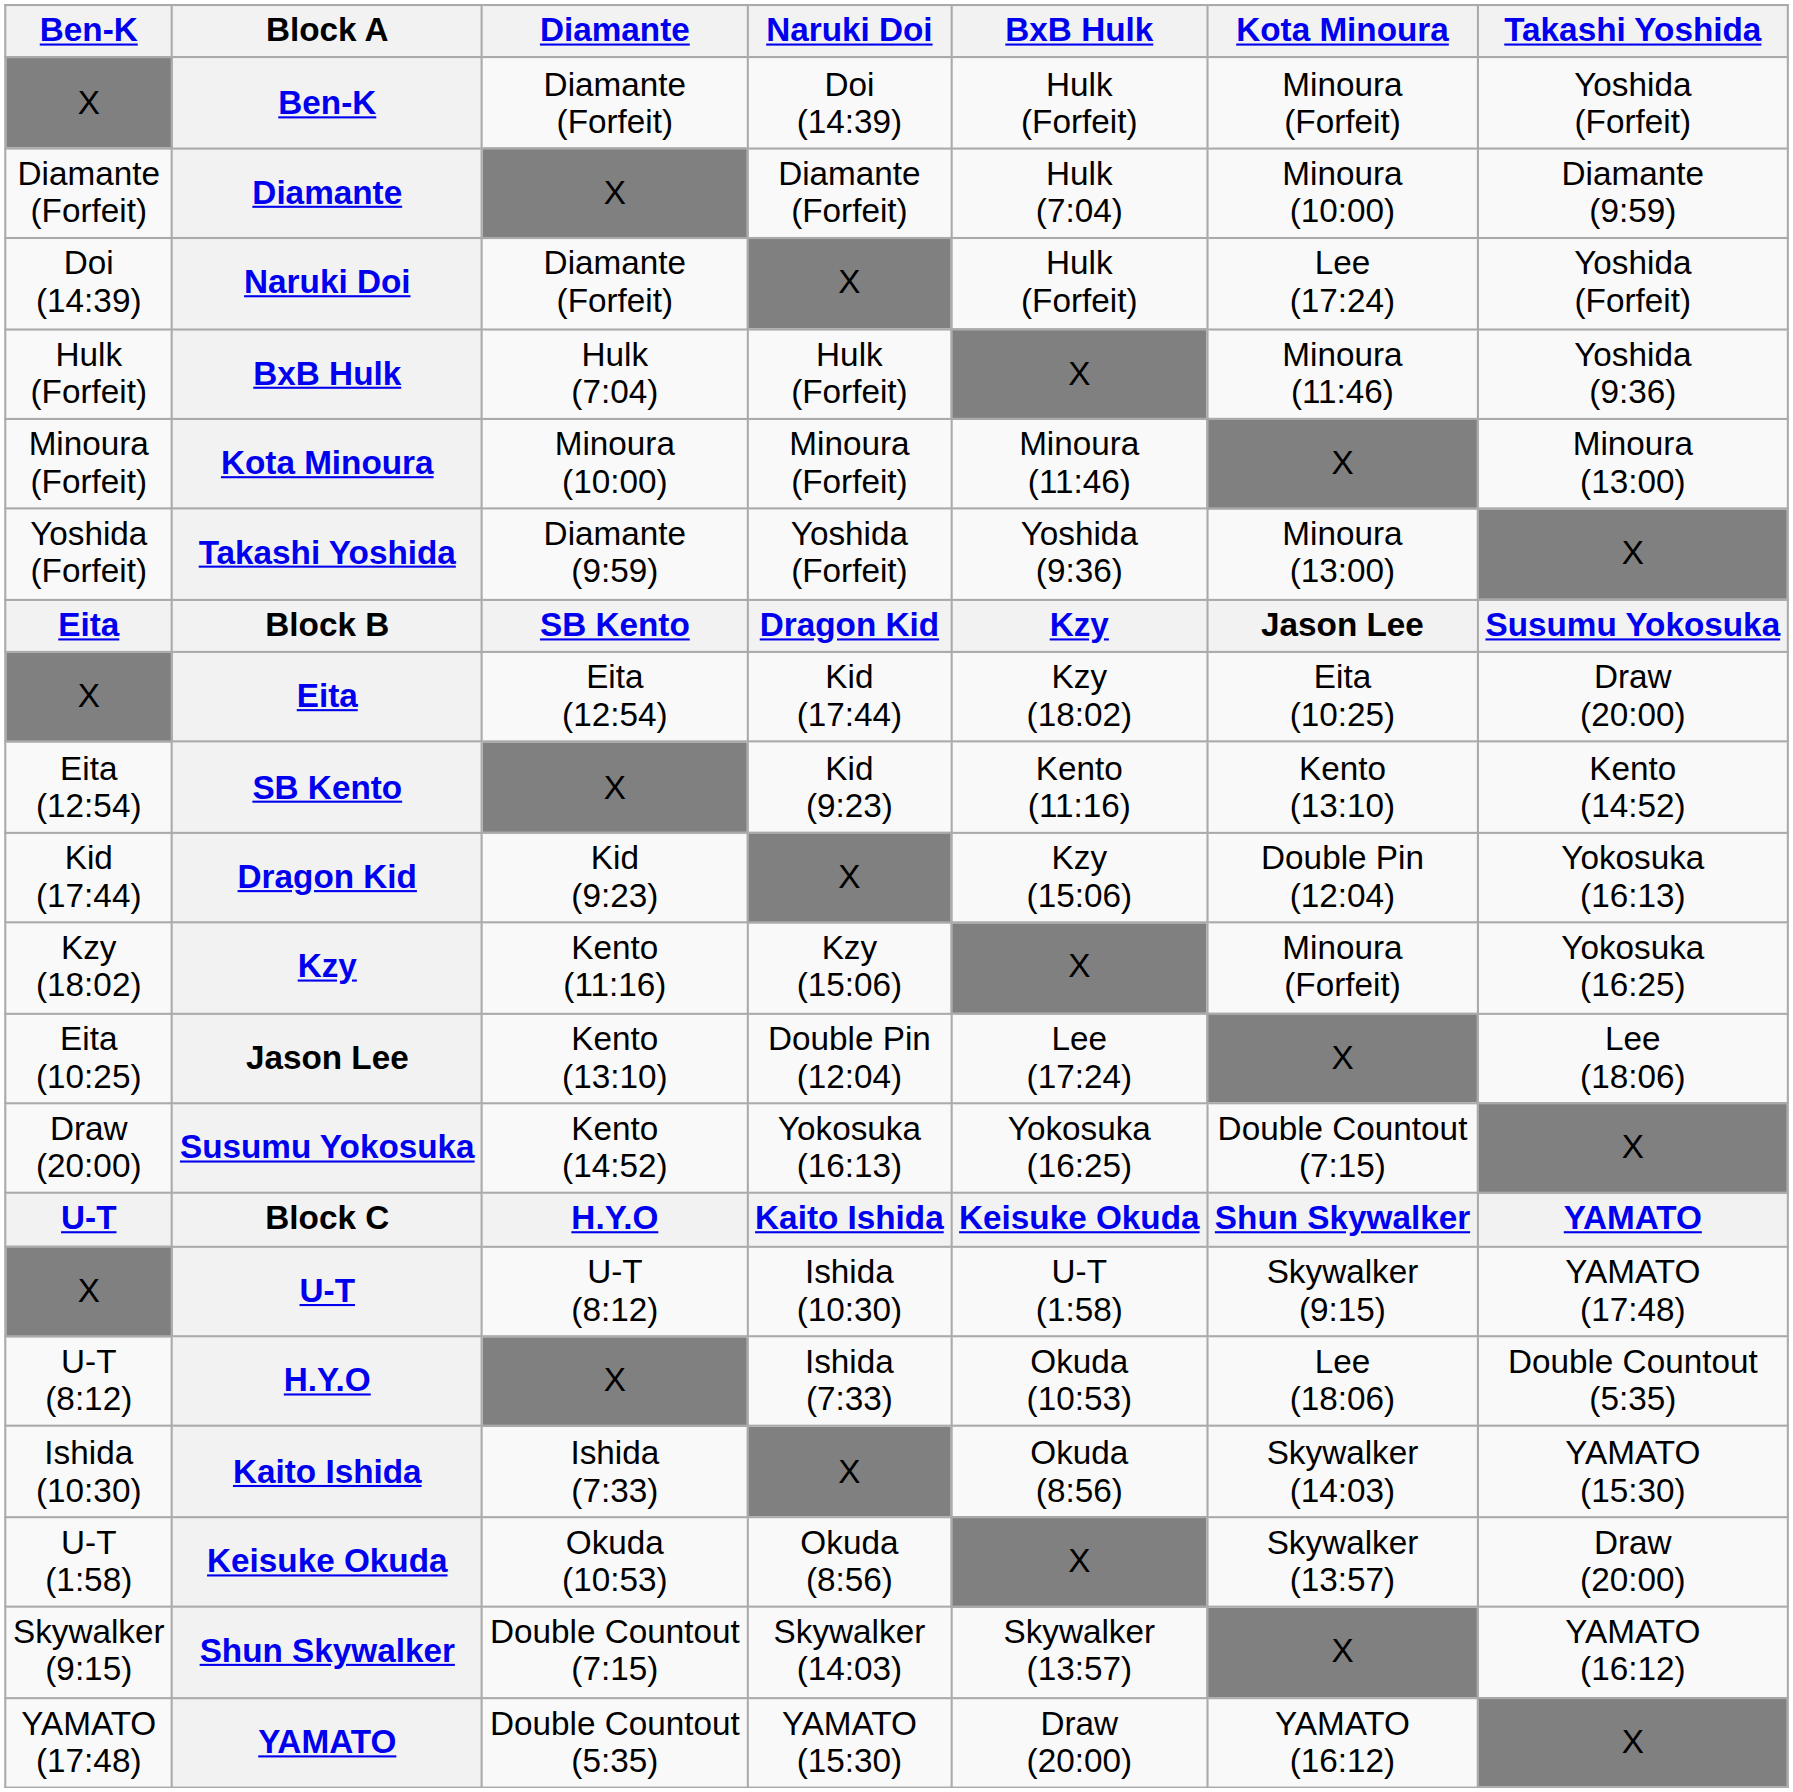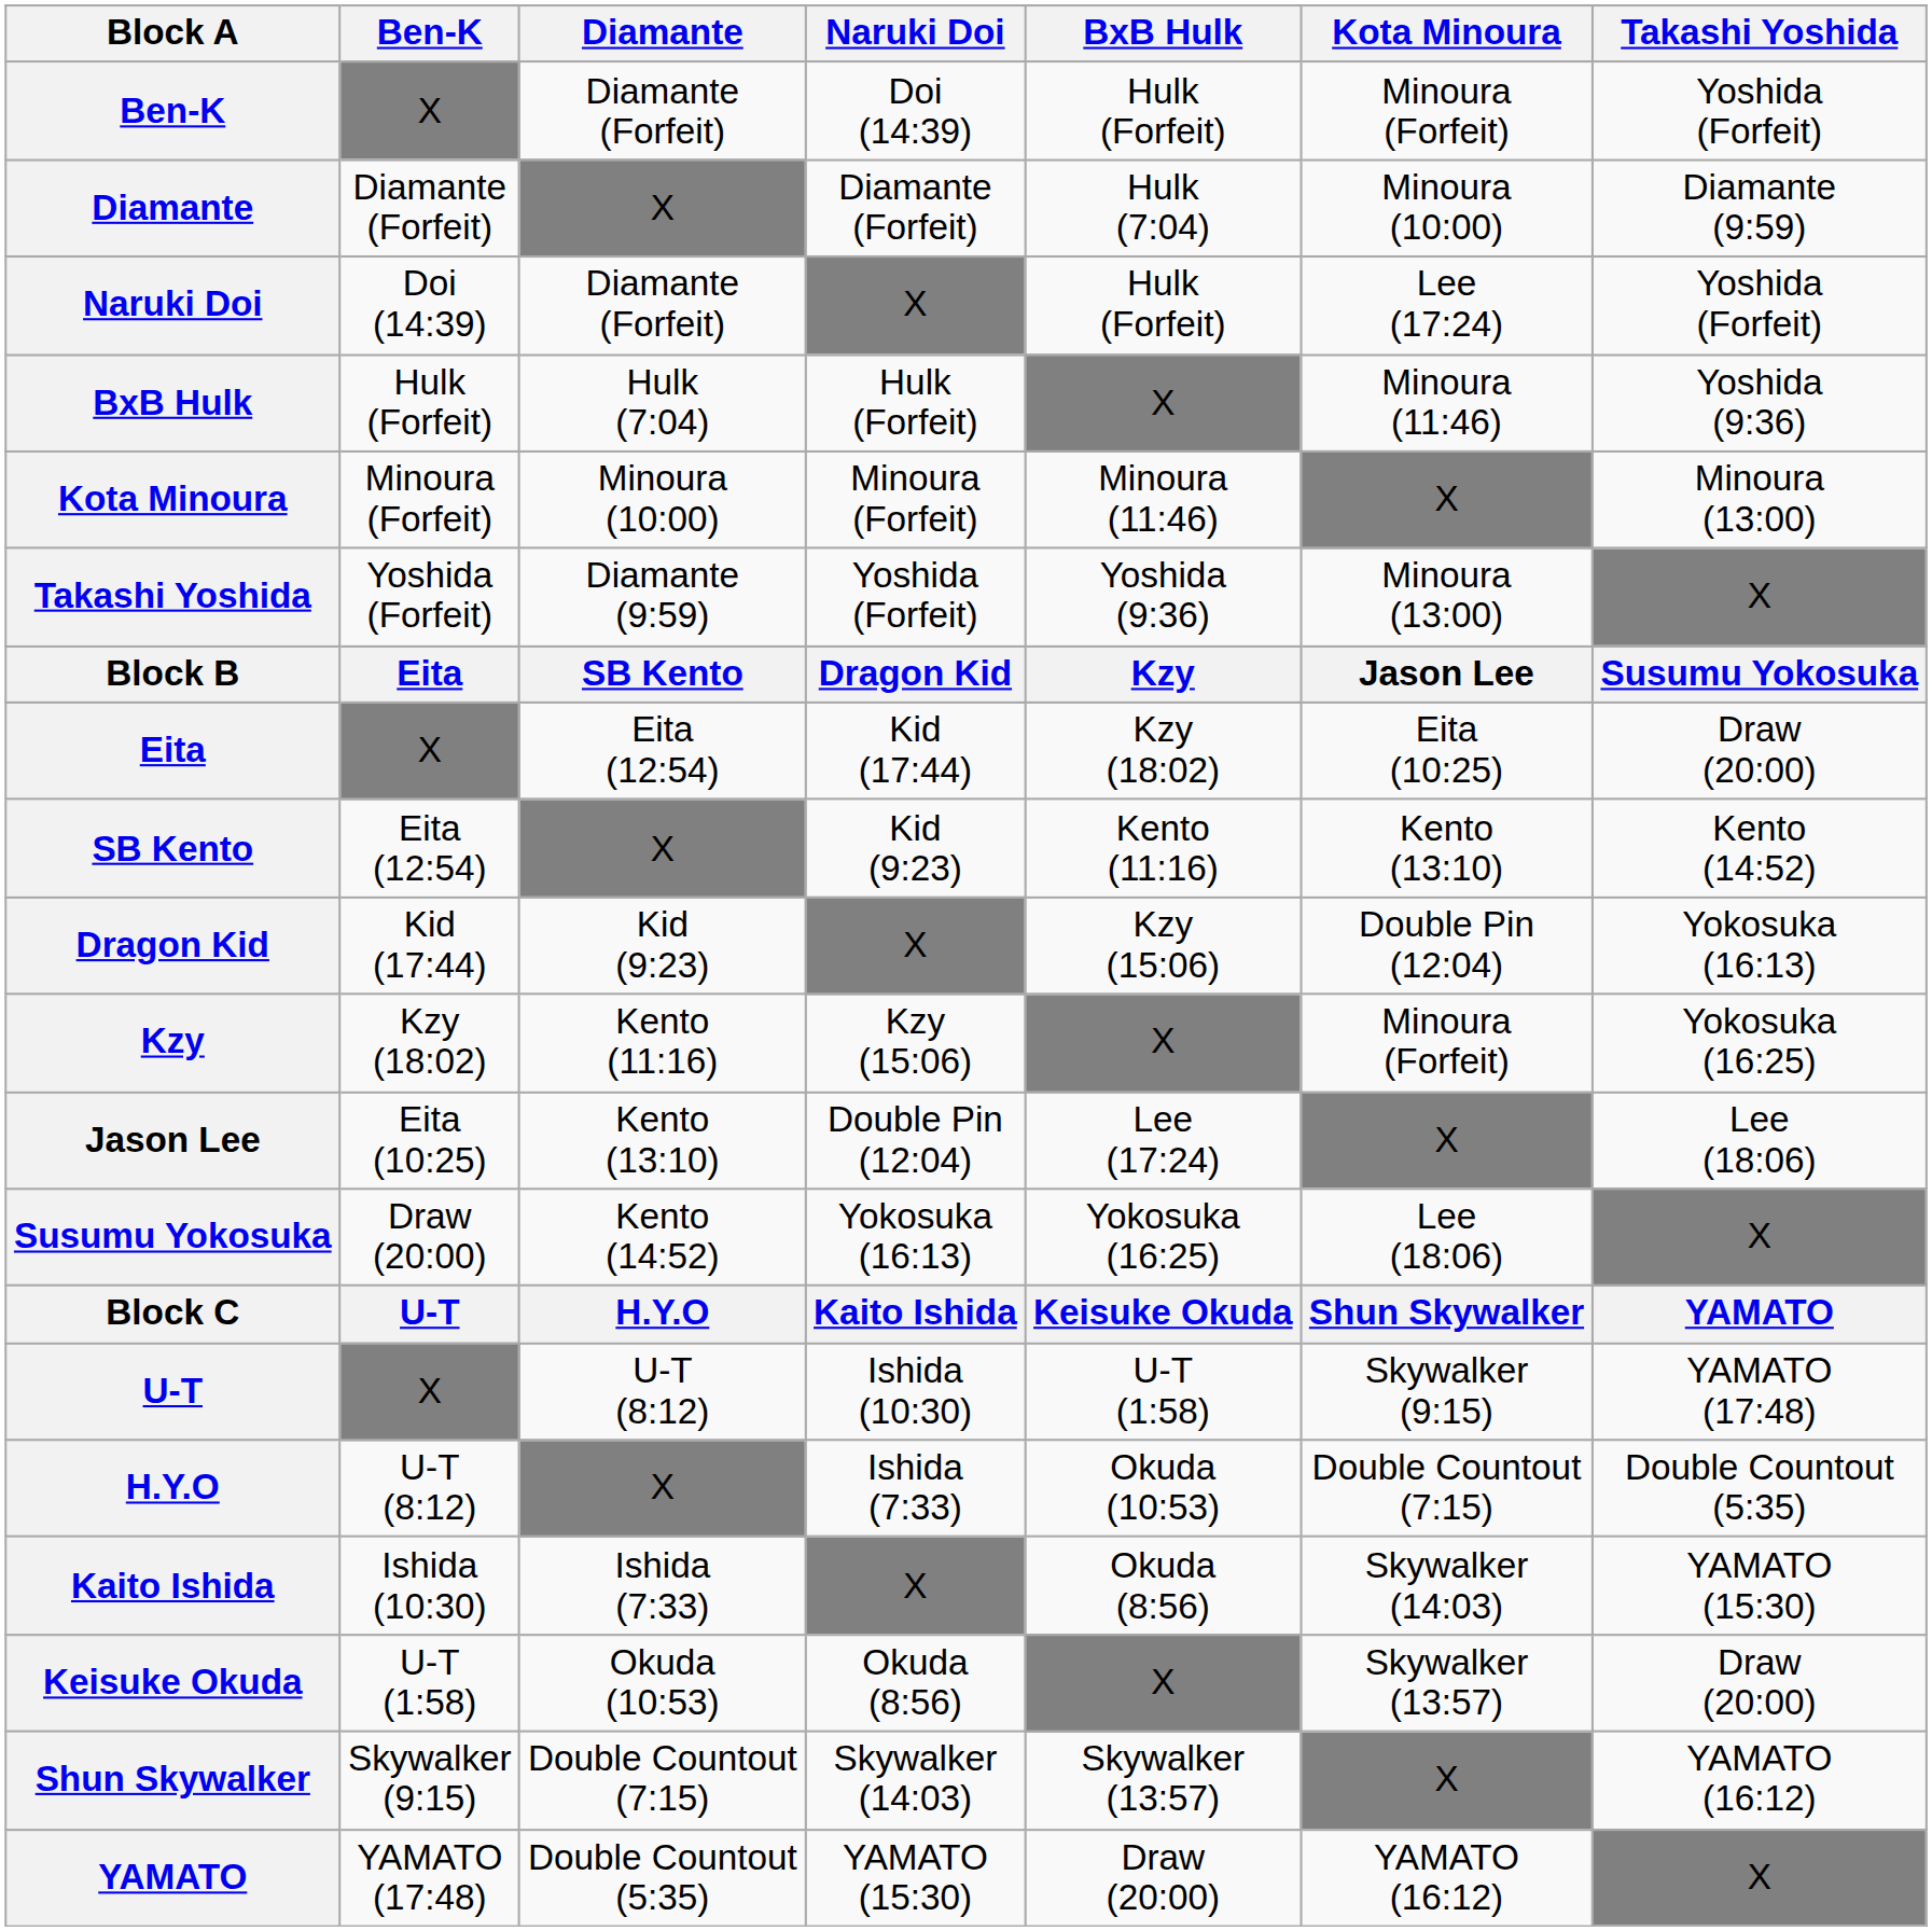 <table class="wikitable" style="margin: 1em auto 1em auto">
 <tr align="center">
+<th>Block A</th>
 <th><a href='#'>Ben-K</a></th>
-<th>Block A</th>
 <th><a href='#'>Diamante</a></th>
 <th><a href='#'>Naruki Doi</a></th>
 <th><a href='#'>BxB Hulk</a></th>
 <th><a href='#'>Kota Minoura</a></th>
 <th><a href='#'>Takashi Yoshida</a></th>
 </tr>
 <tr align="center">
+<th><a href='#'>Ben-K</a></th>
 <td bgcolor=grey>X</td>
-<th><a href='#'>Ben-K</a></th>
 <td>Diamante<br>(Forfeit)</td>
 <td>Doi<br>(14:39)</td>
 <td>Hulk<br>(Forfeit)</td>
 <td>Minoura<br>(Forfeit)</td>
 <td>Yoshida<br>(Forfeit)</td>
 </tr>
 <tr align="center">
+<th><a href='#'>Diamante</a></th>
 <td>Diamante<br>(Forfeit)</td>
-<th><a href='#'>Diamante</a></th>
 <td bgcolor=grey>X</td>
 <td>Diamante<br>(Forfeit)</td>
 <td>Hulk<br>(7:04)</td>
 <td>Minoura<br>(10:00)</td>
 <td>Diamante<br>(9:59)</td>
 </tr>
 <tr align="center">
+<th><a href='#'>Naruki Doi</a></th>
 <td>Doi<br>(14:39)</td>
-<th><a href='#'>Naruki Doi</a></th>
 <td>Diamante<br>(Forfeit)</td>
 <td bgcolor=grey>X</td>
 <td>Hulk<br>(Forfeit)</td>
 <td>Lee<br>(17:24)</td>
 <td>Yoshida<br>(Forfeit)</td>
 </tr>
 <tr align="center">
+<th><a href='#'>BxB Hulk</a></th>
 <td>Hulk<br>(Forfeit)</td>
-<th><a href='#'>BxB Hulk</a></th>
 <td>Hulk<br>(7:04)</td>
 <td>Hulk<br>(Forfeit)</td>
 <td bgcolor=grey>X</td>
 <td>Minoura<br>(11:46)</td>
 <td>Yoshida<br>(9:36)</td>
 </tr>
 <tr align="center">
+<th><a href='#'>Kota Minoura</a></th>
 <td>Minoura<br>(Forfeit)</td>
-<th><a href='#'>Kota Minoura</a></th>
 <td>Minoura<br>(10:00)</td>
 <td>Minoura<br>(Forfeit)</td>
 <td>Minoura<br>(11:46)</td>
 <td bgcolor=grey>X</td>
 <td>Minoura<br>(13:00)</td>
 </tr>
 <tr align="center">
+<th><a href='#'>Takashi Yoshida</a></th>
 <td>Yoshida<br>(Forfeit)</td>
-<th><a href='#'>Takashi Yoshida</a></th>
 <td>Diamante<br>(9:59)</td>
 <td>Yoshida<br>(Forfeit)</td>
 <td>Yoshida<br>(9:36)</td>
 <td>Minoura<br>(13:00)</td>
 <td bgcolor=grey>X</td>
 </tr>
 <tr align="center">
+<th>Block B</th>
 <th><a href='#'>Eita</a></th>
-<th>Block B</th>
 <th><a href='#'>SB Kento</a></th>
 <th><a href='#'>Dragon Kid</a></th>
 <th><a href='#'>Kzy</a></th>
 <th>Jason Lee</th>
 <th><a href='#'>Susumu Yokosuka</a></th>
 </tr>
 <tr align="center">
+<th><a href='#'>Eita</a></th>
 <td bgcolor=grey>X</td>
-<th><a href='#'>Eita</a></th>
 <td>Eita<br>(12:54)</td>
 <td>Kid<br>(17:44)</td>
 <td>Kzy<br>(18:02)</td>
 <td>Eita<br>(10:25)</td>
 <td>Draw<br>(20:00)</td>
 </tr>
 <tr align="center">
+<th><a href='#'>SB Kento</a></th>
 <td>Eita<br>(12:54)</td>
-<th><a href='#'>SB Kento</a></th>
 <td bgcolor=grey>X</td>
 <td>Kid<br>(9:23)</td>
 <td>Kento<br>(11:16)</td>
 <td>Kento<br>(13:10)</td>
 <td>Kento<br>(14:52)</td>
 </tr>
 <tr align="center">
+<th><a href='#'>Dragon Kid</a></th>
 <td>Kid<br>(17:44)</td>
-<th><a href='#'>Dragon Kid</a></th>
 <td>Kid<br>(9:23)</td>
 <td bgcolor=grey>X</td>
 <td>Kzy<br>(15:06)</td>
 <td>Double Pin<br>(12:04)</td>
 <td>Yokosuka<br>(16:13)</td>
 </tr>
 <tr align="center">
+<th><a href='#'>Kzy</a></th>
 <td>Kzy<br>(18:02)</td>
-<th><a href='#'>Kzy</a></th>
 <td>Kento<br>(11:16)</td>
 <td>Kzy<br>(15:06)</td>
 <td bgcolor=grey>X</td>
 <td>Minoura<br>(Forfeit)</td>
 <td>Yokosuka<br>(16:25)</td>
 </tr>
 <tr align="center">
+<th>Jason Lee</th>
 <td>Eita<br>(10:25)</td>
-<th>Jason Lee</th>
 <td>Kento<br>(13:10)</td>
 <td>Double Pin<br>(12:04)</td>
 <td>Lee<br>(17:24)</td>
 <td bgcolor=grey>X</td>
 <td>Lee<br>(18:06)</td>
 </tr>
 <tr align="center">
+<th><a href='#'>Susumu Yokosuka</a></th>
 <td>Draw<br>(20:00)</td>
-<th><a href='#'>Susumu Yokosuka</a></th>
 <td>Kento<br>(14:52)</td>
 <td>Yokosuka<br>(16:13)</td>
 <td>Yokosuka<br>(16:25)</td>
-<td>Double Countout<br>(7:15)</td>
+<td>Lee<br>(18:06)</td>
 <td bgcolor=grey>X</td>
 </tr>
 <tr align="center">
+<th>Block C</th>
 <th><a href='#'>U-T</a></th>
-<th>Block C</th>
 <th><a href='#'>H.Y.O</a></th>
 <th><a href='#'>Kaito Ishida</a></th>
 <th><a href='#'>Keisuke Okuda</a></th>
 <th><a href='#'>Shun Skywalker</a></th>
 <th><a href='#'>YAMATO</a></th>
 </tr>
 <tr align="center">
+<th><a href='#'>U-T</a></th>
 <td bgcolor=grey>X</td>
-<th><a href='#'>U-T</a></th>
 <td>U-T<br>(8:12)</td>
 <td>Ishida<br>(10:30)</td>
 <td>U-T<br>(1:58)</td>
 <td>Skywalker<br>(9:15)</td>
 <td>YAMATO<br>(17:48)</td>
 </tr>
 <tr align="center">
+<th><a href='#'>H.Y.O</a></th>
 <td>U-T<br>(8:12)</td>
-<th><a href='#'>H.Y.O</a></th>
 <td bgcolor=grey>X</td>
 <td>Ishida<br>(7:33)</td>
 <td>Okuda<br>(10:53)</td>
-<td>Lee<br>(18:06)</td>
+<td>Double Countout<br>(7:15)</td>
 <td>Double Countout<br>(5:35)</td>
 </tr>
 <tr align="center">
+<th><a href='#'>Kaito Ishida</a></th>
 <td>Ishida<br>(10:30)</td>
-<th><a href='#'>Kaito Ishida</a></th>
 <td>Ishida<br>(7:33)</td>
 <td bgcolor=grey>X</td>
 <td>Okuda<br>(8:56)</td>
 <td>Skywalker<br>(14:03)</td>
 <td>YAMATO<br>(15:30)</td>
 </tr>
 <tr align="center">
+<th><a href='#'>Keisuke Okuda</a></th>
 <td>U-T<br>(1:58)</td>
-<th><a href='#'>Keisuke Okuda</a></th>
 <td>Okuda<br>(10:53)</td>
 <td>Okuda<br>(8:56)</td>
 <td bgcolor=grey>X</td>
 <td>Skywalker<br>(13:57)</td>
 <td>Draw<br>(20:00)</td>
 </tr>
 <tr align="center">
+<th><a href='#'>Shun Skywalker</a></th>
 <td>Skywalker<br>(9:15)</td>
-<th><a href='#'>Shun Skywalker</a></th>
 <td>Double Countout<br>(7:15)</td>
 <td>Skywalker<br>(14:03)</td>
 <td>Skywalker<br>(13:57)</td>
 <td bgcolor=grey>X</td>
 <td>YAMATO<br>(16:12)</td>
 </tr>
 <tr align="center">
+<th><a href='#'>YAMATO</a></th>
 <td>YAMATO<br>(17:48)</td>
-<th><a href='#'>YAMATO</a></th>
 <td>Double Countout<br>(5:35)</td>
 <td>YAMATO<br>(15:30)</td>
 <td>Draw<br>(20:00)</td>
 <td>YAMATO<br>(16:12)</td>
 <td bgcolor=grey>X</td>
 </tr>
 </table>
